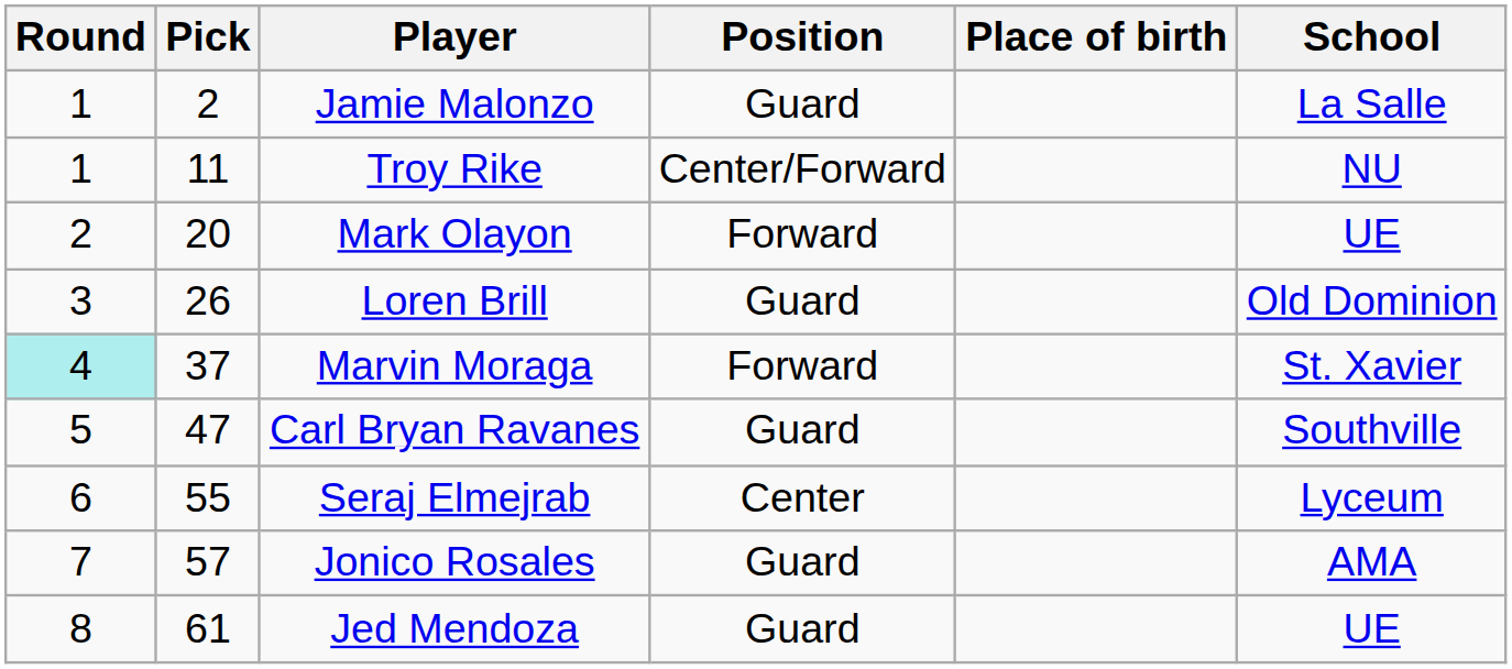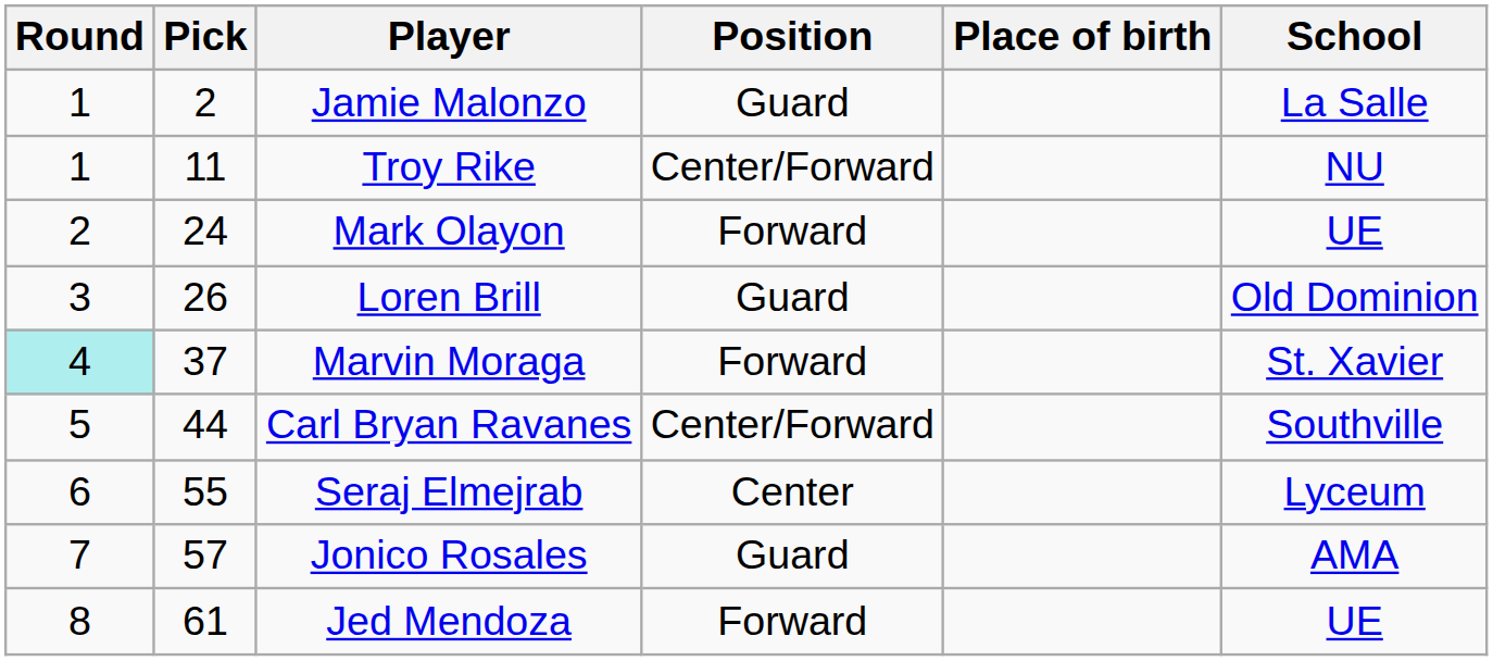 <table class="wikitable sortable sortable" style="text-align:center">
 <tr>
 <th>Round</th>
 <th>Pick</th>
 <th>Player</th>
 <th>Position</th>
 <th>Place of birth</th>
 <th>School</th>
 </tr>
 <tr>
 <td>1</td>
 <td>2</td>
 <td><a href='#'>Jamie Malonzo</a></td>
 <td>Guard</td>
 <td></td>
 <td><a href='#'>La Salle</a></td>
 </tr>
 <tr>
 <td>1</td>
 <td>11</td>
 <td><a href='#'>Troy Rike</a></td>
 <td>Center/Forward</td>
 <td></td>
 <td><a href='#'>NU</a></td>
 </tr>
 <tr>
 <td>2</td>
-<td>20</td>
+<td>24</td>
 <td><a href='#'>Mark Olayon</a></td>
 <td>Forward</td>
 <td></td>
 <td><a href='#'>UE</a></td>
 </tr>
 <tr>
 <td>3</td>
 <td>26</td>
 <td><a href='#'>Loren Brill</a></td>
 <td>Guard</td>
 <td></td>
 <td><a href='#'>Old Dominion</a></td>
 </tr>
 <tr>
 <td style="background: paleturquoise;">4</td>
 <td>37</td>
 <td><a href='#'>Marvin Moraga</a></td>
 <td>Forward</td>
 <td></td>
 <td><a href='#'>St. Xavier</a></td>
 </tr>
 <tr>
 <td>5</td>
-<td>47</td>
+<td>44</td>
 <td><a href='#'>Carl Bryan Ravanes</a></td>
-<td>Guard</td>
+<td>Center/Forward</td>
 <td></td>
 <td><a href='#'>Southville</a></td>
 </tr>
 <tr>
 <td>6</td>
 <td>55</td>
 <td><a href='#'>Seraj Elmejrab</a></td>
 <td>Center</td>
 <td></td>
 <td><a href='#'>Lyceum</a></td>
 </tr>
 <tr>
 <td>7</td>
 <td>57</td>
 <td><a href='#'>Jonico Rosales</a></td>
 <td>Guard</td>
 <td></td>
 <td><a href='#'>AMA</a></td>
 </tr>
 <tr>
 <td>8</td>
 <td>61</td>
 <td><a href='#'>Jed Mendoza</a></td>
-<td>Guard</td>
+<td>Forward</td>
 <td></td>
 <td><a href='#'>UE</a></td>
 </tr>
 </table>
